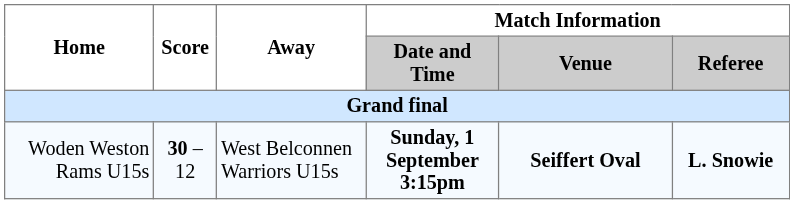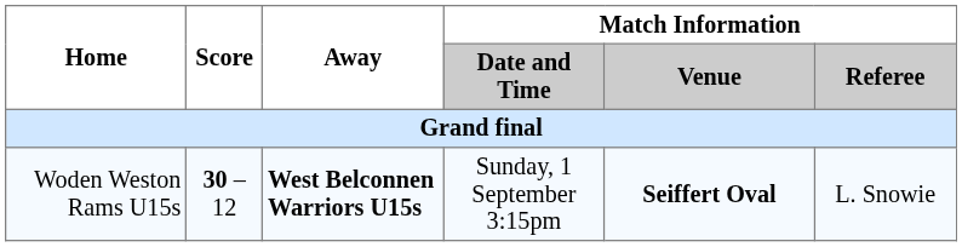 <table border="1" cellpadding="3" cellspacing="0" width="100%" style="border-collapse:collapse;  text-align:center;">
 <tr>
 <th rowspan="2" width="19%">Home</th>
 <th rowspan="2" width="8%">Score</th>
 <th rowspan="2" width="19%">Away</th>
 <th colspan="3">Match Information</th>
 </tr>
 <tr bgcolor="#CCCCCC">
 <th width="17%">Date and Time</th>
 <th width="22%">Venue</th>
 <th width="50%">Referee</th>
 </tr>
 <tr style="background:#d0e7ff;">
 <td colspan="6"><strong>Grand final</strong></td>
 </tr>
 <tr style="text-align:center; background:#f5faff;">
 <td align="right">Woden Weston Rams U15s </td>
 <td><strong>30</strong> – 12</td>
-<td align="left"> West Belconnen Warriors U15s</td>
-<td><strong>Sunday, 1 September 3:15pm</strong></td>
+<td align="left"><strong> West Belconnen Warriors U15s</strong></td>
+<td>Sunday, 1 September 3:15pm</td>
 <td><strong>Seiffert Oval</strong></td>
-<td><strong>L. Snowie</strong></td>
+<td>L. Snowie</td>
 </tr>
 </table>
